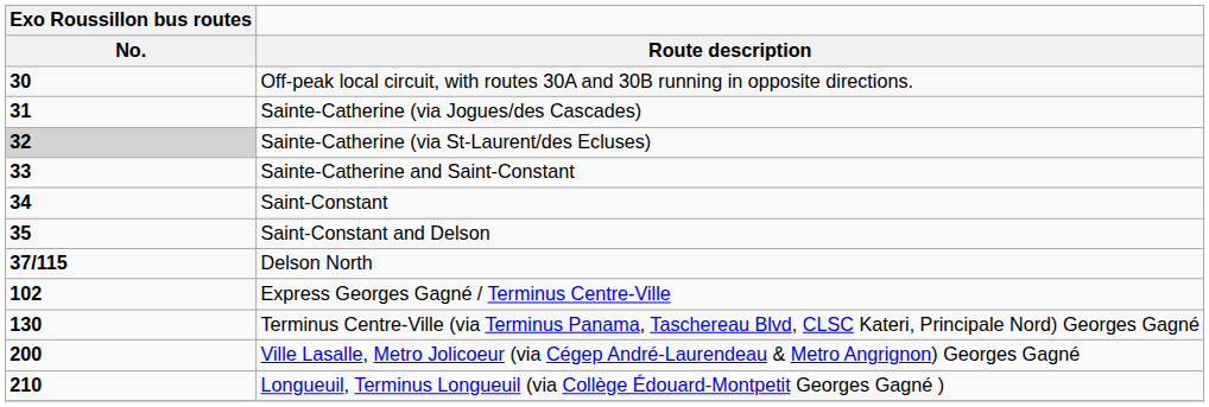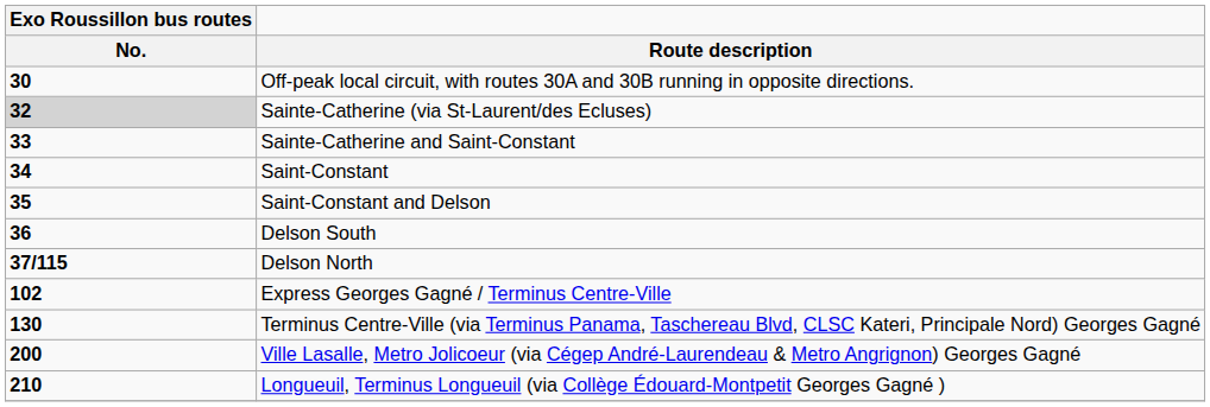 <table class="wikitable">
 <tr>
 <th style="background: #">Exo Roussillon bus routes</th>
 </tr>
 <tr>
 <th>No.</th>
 <th>Route description</th>
 </tr>
 <tr>
 <td><strong>30</strong></td>
 <td>Off-peak local circuit, with routes 30A and 30B running in opposite directions.</td>
-</tr>
-<tr>
-<td><strong>31</strong></td>
-<td>Sainte-Catherine (via Jogues/des Cascades)</td>
 </tr>
 <tr>
 <td style="background: lightgrey;"><strong>32</strong></td>
 <td>Sainte-Catherine (via St-Laurent/des Ecluses)</td>
 </tr>
 <tr>
 <td><strong>33</strong></td>
 <td>Sainte-Catherine and Saint-Constant</td>
 </tr>
 <tr>
 <td><strong>34</strong></td>
 <td>Saint-Constant</td>
 </tr>
 <tr>
 <td><strong>35</strong></td>
 <td>Saint-Constant and Delson</td>
+</tr>
+<tr>
+<td><strong>36</strong></td>
+<td>Delson South</td>
 </tr>
 <tr>
 <td><strong>37/115</strong></td>
 <td>Delson North</td>
 </tr>
 <tr>
 <td><strong>102</strong></td>
 <td>Express Georges Gagné  / <a href='#'>Terminus Centre-Ville</a></td>
 </tr>
 <tr>
 <td><strong>130</strong></td>
 <td>Terminus Centre-Ville (via <a href='#'>Terminus Panama</a>, <a href='#'>Taschereau Blvd</a>, <a href='#'>CLSC</a> Kateri, Principale Nord) Georges Gagné</td>
 </tr>
 <tr>
 <td><strong>200</strong></td>
 <td><a href='#'>Ville Lasalle</a>, <a href='#'>Metro Jolicoeur</a> (via <a href='#'>Cégep André-Laurendeau</a> & <a href='#'>Metro Angrignon</a>) Georges Gagné</td>
 </tr>
 <tr>
 <td><strong>210</strong></td>
 <td><a href='#'>Longueuil</a>, <a href='#'>Terminus Longueuil</a> (via <a href='#'>Collège Édouard-Montpetit</a> Georges Gagné )</td>
 </tr>
 <tr>
 </tr>
 </table>
